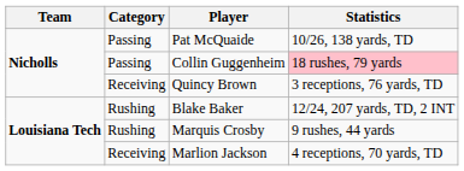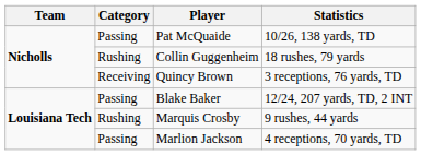 <table class="wikitable" style="float: right;">
 <tr>
 <th>Team</th>
 <th>Category</th>
 <th>Player</th>
 <th>Statistics</th>
 </tr>
 <tr>
 <td rowspan=3><strong>Nicholls</strong></td>
 <td>Passing</td>
 <td>Pat McQuaide</td>
 <td>10/26, 138 yards, TD</td>
 </tr>
 <tr>
-<td>Passing</td>
+<td>Rushing</td>
 <td>Collin Guggenheim</td>
-<td style="background: pink;">18 rushes, 79 yards</td>
+<td>18 rushes, 79 yards</td>
 </tr>
 <tr>
 <td>Receiving</td>
 <td>Quincy Brown</td>
 <td>3 receptions, 76 yards, TD</td>
 </tr>
 <tr>
 <td rowspan=3><strong>Louisiana Tech</strong></td>
-<td>Rushing</td>
+<td>Passing</td>
 <td>Blake Baker</td>
 <td>12/24, 207 yards, TD, 2 INT</td>
 </tr>
 <tr>
 <td>Rushing</td>
 <td>Marquis Crosby</td>
 <td>9 rushes, 44 yards</td>
 </tr>
 <tr>
-<td>Receiving</td>
+<td>Passing</td>
 <td>Marlion Jackson</td>
 <td>4 receptions, 70 yards, TD</td>
 </tr>
 </table>
